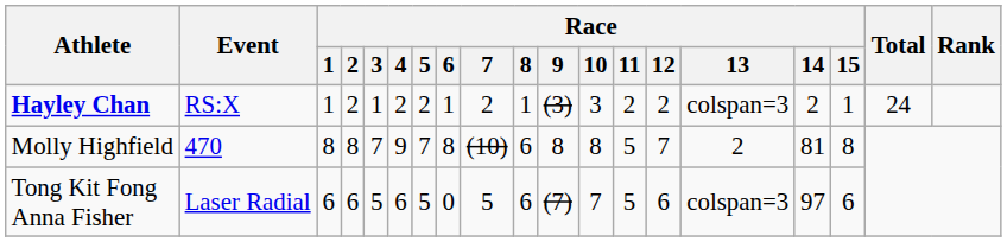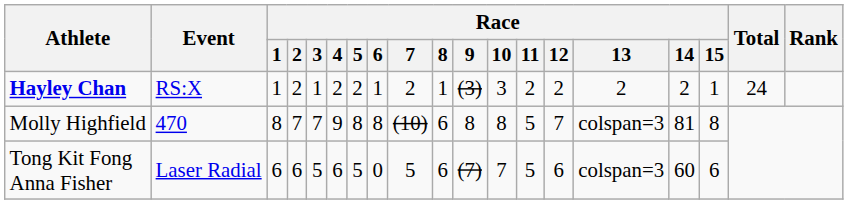 <table class=wikitable style=font-size:90%;text-align:center>
 <tr>
 <th rowspan="2">Athlete</th>
 <th rowspan="2">Event</th>
 <th colspan=15>Race</th>
 <th rowspan=2>Total</th>
 <th rowspan=2>Rank</th>
 </tr>
 <tr style="font-size:95%">
 <th>1</th>
 <th>2</th>
 <th>3</th>
 <th>4</th>
 <th>5</th>
 <th>6</th>
 <th>7</th>
 <th>8</th>
 <th>9</th>
 <th>10</th>
 <th>11</th>
 <th>12</th>
 <th>13</th>
 <th>14</th>
 <th>15</th>
 </tr>
 <tr>
 <td align=left><strong><a href='#'>Hayley Chan</a></strong></td>
 <td align=left><a href='#'>RS:X</a></td>
 <td>1</td>
 <td>2</td>
 <td>1</td>
 <td>2</td>
 <td>2</td>
 <td>1</td>
 <td>2</td>
 <td>1</td>
 <td><s>(3)</s></td>
 <td>3</td>
 <td>2</td>
 <td>2</td>
-<td>colspan=3 </td>
+<td>2</td>
 <td>2</td>
 <td>1</td>
 <td>24</td>
 <td></td>
 </tr>
 <tr>
 <td align=left>Molly Highfield</td>
 <td align=left><a href='#'>470</a></td>
 <td>8</td>
-<td>8</td>
+<td>7</td>
 <td>7</td>
 <td>9</td>
-<td>7</td>
+<td>8</td>
 <td>8</td>
 <td><s>(10)</s></td>
 <td>6</td>
 <td>8</td>
 <td>8</td>
 <td>5</td>
 <td>7</td>
-<td>2</td>
+<td>colspan=3 </td>
 <td>81</td>
 <td>8</td>
 </tr>
 <tr>
 <td align=left>Tong Kit Fong<br>Anna Fisher</td>
 <td align=left><a href='#'>Laser Radial</a></td>
 <td>6</td>
 <td>6</td>
 <td>5</td>
 <td>6</td>
 <td>5</td>
 <td>0</td>
 <td>5</td>
 <td>6</td>
 <td><s>(7)</s></td>
 <td>7</td>
 <td>5</td>
 <td>6</td>
 <td>colspan=3 </td>
-<td>97</td>
+<td>60</td>
 <td>6</td>
 </tr>
 </table>
